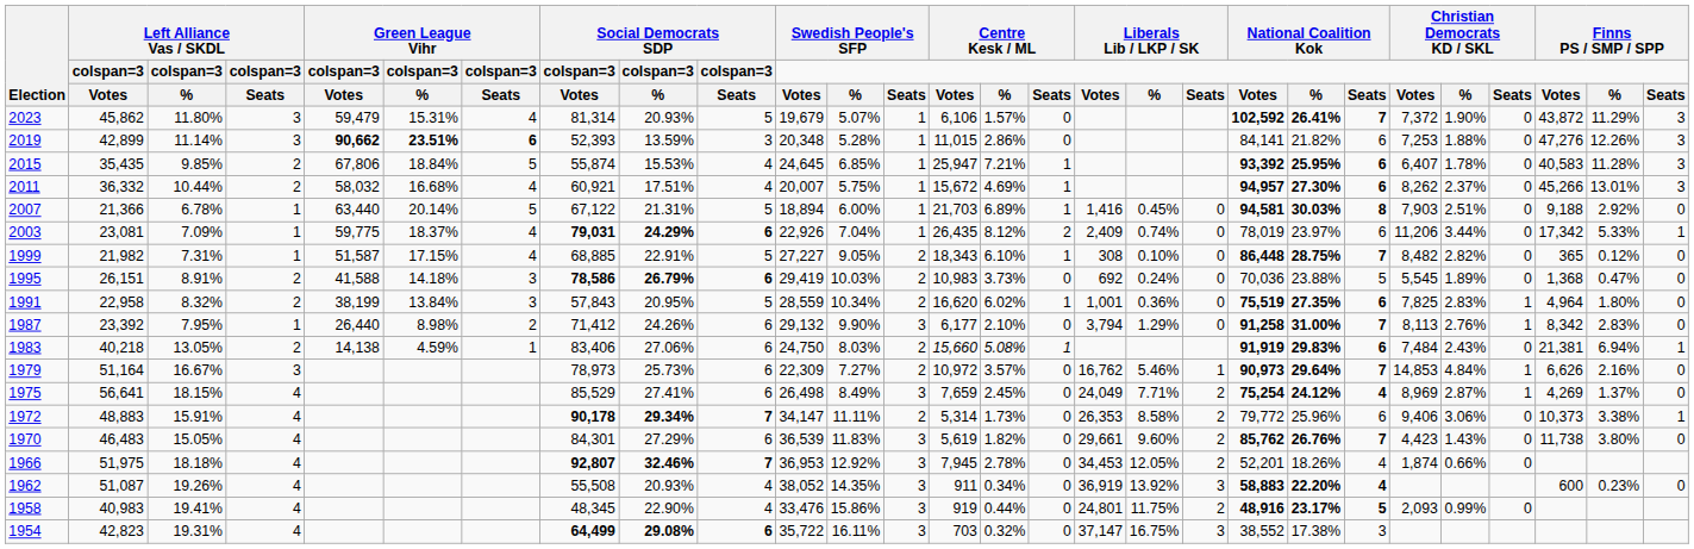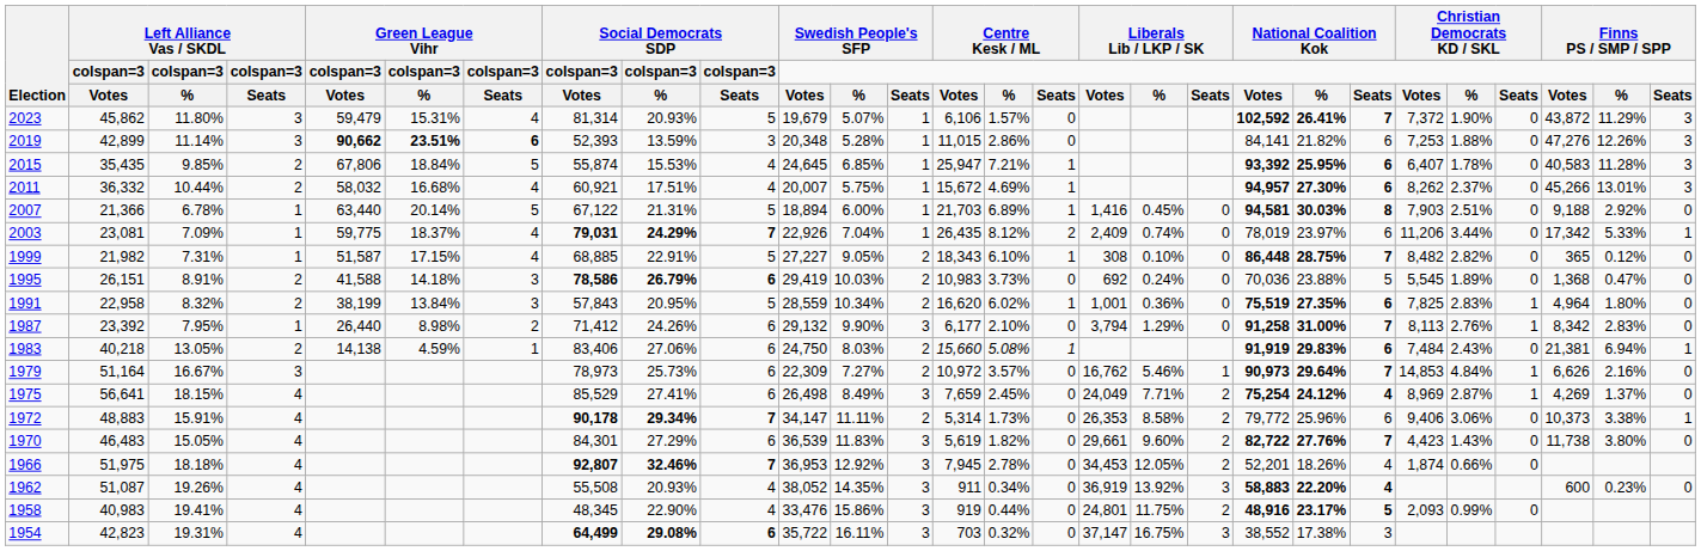 <table class="wikitable" border="1" style="font-size:85%; text-align:right;">
 <tr>
 <th style="text-align:left;" valign=bottom rowspan=3>Election</th>
 <th valign=bottom colspan=3><a href='#'>Left Alliance</a><br>Vas / SKDL</th>
 <th valign=bottom colspan=3><a href='#'>Green League</a><br>Vihr</th>
 <th valign=bottom colspan=3><a href='#'>Social Democrats</a><br>SDP</th>
 <th valign=bottom colspan=3><a href='#'>Swedish People's</a><br>SFP</th>
 <th valign=bottom colspan=3><a href='#'>Centre</a><br>Kesk / ML</th>
 <th valign=bottom colspan=3><a href='#'>Liberals</a><br>Lib / LKP / SK</th>
 <th valign=bottom colspan=3><a href='#'>National Coalition</a><br>Kok</th>
 <th valign=bottom colspan=3><a href='#'>Christian Democrats</a><br>KD / SKL</th>
 <th valign=bottom colspan=3><a href='#'>Finns</a><br>PS / SMP / SPP</th>
 </tr>
 <tr>
 <th>colspan=3 </th>
 <th>colspan=3 </th>
 <th>colspan=3 </th>
 <th>colspan=3 </th>
 <th>colspan=3 </th>
 <th>colspan=3 </th>
 <th>colspan=3 </th>
 <th>colspan=3 </th>
 <th>colspan=3 </th>
 </tr>
 <tr>
 <th>Votes</th>
 <th>%</th>
 <th>Seats</th>
 <th>Votes</th>
 <th>%</th>
 <th>Seats</th>
 <th>Votes</th>
 <th>%</th>
 <th>Seats</th>
 <th>Votes</th>
 <th>%</th>
 <th>Seats</th>
 <th>Votes</th>
 <th>%</th>
 <th>Seats</th>
 <th>Votes</th>
 <th>%</th>
 <th>Seats</th>
 <th>Votes</th>
 <th>%</th>
 <th>Seats</th>
 <th>Votes</th>
 <th>%</th>
 <th>Seats</th>
 <th>Votes</th>
 <th>%</th>
 <th>Seats</th>
 </tr>
 <tr>
 <td align=left><a href='#'>2023</a></td>
 <td>45,862</td>
 <td>11.80%</td>
 <td>3</td>
 <td>59,479</td>
 <td>15.31%</td>
 <td>4</td>
 <td>81,314</td>
 <td>20.93%</td>
 <td>5</td>
 <td>19,679</td>
 <td>5.07%</td>
 <td>1</td>
 <td>6,106</td>
 <td>1.57%</td>
 <td>0</td>
 <td></td>
 <td></td>
 <td></td>
 <td><strong>102,592</strong></td>
 <td><strong>26.41%</strong></td>
 <td><strong>7</strong></td>
 <td>7,372</td>
 <td>1.90%</td>
 <td>0</td>
 <td>43,872</td>
 <td>11.29%</td>
 <td>3</td>
 </tr>
 <tr>
 <td align=left><a href='#'>2019</a></td>
 <td>42,899</td>
 <td>11.14%</td>
 <td>3</td>
 <td><strong>90,662</strong></td>
 <td><strong>23.51%</strong></td>
 <td><strong>6</strong></td>
 <td>52,393</td>
 <td>13.59%</td>
 <td>3</td>
 <td>20,348</td>
 <td>5.28%</td>
 <td>1</td>
 <td>11,015</td>
 <td>2.86%</td>
 <td>0</td>
 <td></td>
 <td></td>
 <td></td>
 <td>84,141</td>
 <td>21.82%</td>
 <td>6</td>
 <td>7,253</td>
 <td>1.88%</td>
 <td>0</td>
 <td>47,276</td>
 <td>12.26%</td>
 <td>3</td>
 </tr>
 <tr>
 <td align=left><a href='#'>2015</a></td>
 <td>35,435</td>
 <td>9.85%</td>
 <td>2</td>
 <td>67,806</td>
 <td>18.84%</td>
 <td>5</td>
 <td>55,874</td>
 <td>15.53%</td>
 <td>4</td>
 <td>24,645</td>
 <td>6.85%</td>
 <td>1</td>
 <td>25,947</td>
 <td>7.21%</td>
 <td>1</td>
 <td></td>
 <td></td>
 <td></td>
 <td><strong>93,392</strong></td>
 <td><strong>25.95%</strong></td>
 <td><strong>6</strong></td>
 <td>6,407</td>
 <td>1.78%</td>
 <td>0</td>
 <td>40,583</td>
 <td>11.28%</td>
 <td>3</td>
 </tr>
 <tr>
 <td align=left><a href='#'>2011</a></td>
 <td>36,332</td>
 <td>10.44%</td>
 <td>2</td>
 <td>58,032</td>
 <td>16.68%</td>
 <td>4</td>
 <td>60,921</td>
 <td>17.51%</td>
 <td>4</td>
 <td>20,007</td>
 <td>5.75%</td>
 <td>1</td>
 <td>15,672</td>
 <td>4.69%</td>
 <td>1</td>
 <td></td>
 <td></td>
 <td></td>
 <td><strong>94,957</strong></td>
 <td><strong>27.30%</strong></td>
 <td><strong>6</strong></td>
 <td>8,262</td>
 <td>2.37%</td>
 <td>0</td>
 <td>45,266</td>
 <td>13.01%</td>
 <td>3</td>
 </tr>
 <tr>
 <td align=left><a href='#'>2007</a></td>
 <td>21,366</td>
 <td>6.78%</td>
 <td>1</td>
 <td>63,440</td>
 <td>20.14%</td>
 <td>5</td>
 <td>67,122</td>
 <td>21.31%</td>
 <td>5</td>
 <td>18,894</td>
 <td>6.00%</td>
 <td>1</td>
 <td>21,703</td>
 <td>6.89%</td>
 <td>1</td>
 <td>1,416</td>
 <td>0.45%</td>
 <td>0</td>
 <td><strong>94,581</strong></td>
 <td><strong>30.03%</strong></td>
 <td><strong>8</strong></td>
 <td>7,903</td>
 <td>2.51%</td>
 <td>0</td>
 <td>9,188</td>
 <td>2.92%</td>
 <td>0</td>
 </tr>
 <tr>
 <td align=left><a href='#'>2003</a></td>
 <td>23,081</td>
 <td>7.09%</td>
 <td>1</td>
 <td>59,775</td>
 <td>18.37%</td>
 <td>4</td>
 <td><strong>79,031</strong></td>
 <td><strong>24.29%</strong></td>
-<td><strong>6</strong></td>
+<td><strong>7</strong></td>
 <td>22,926</td>
 <td>7.04%</td>
 <td>1</td>
 <td>26,435</td>
 <td>8.12%</td>
 <td>2</td>
 <td>2,409</td>
 <td>0.74%</td>
 <td>0</td>
 <td>78,019</td>
 <td>23.97%</td>
 <td>6</td>
 <td>11,206</td>
 <td>3.44%</td>
 <td>0</td>
 <td>17,342</td>
 <td>5.33%</td>
 <td>1</td>
 </tr>
 <tr>
 <td align=left><a href='#'>1999</a></td>
 <td>21,982</td>
 <td>7.31%</td>
 <td>1</td>
 <td>51,587</td>
 <td>17.15%</td>
 <td>4</td>
 <td>68,885</td>
 <td>22.91%</td>
 <td>5</td>
 <td>27,227</td>
 <td>9.05%</td>
 <td>2</td>
 <td>18,343</td>
 <td>6.10%</td>
 <td>1</td>
 <td>308</td>
 <td>0.10%</td>
 <td>0</td>
 <td><strong>86,448</strong></td>
 <td><strong>28.75%</strong></td>
 <td><strong>7</strong></td>
 <td>8,482</td>
 <td>2.82%</td>
 <td>0</td>
 <td>365</td>
 <td>0.12%</td>
 <td>0</td>
 </tr>
 <tr>
 <td align=left><a href='#'>1995</a></td>
 <td>26,151</td>
 <td>8.91%</td>
 <td>2</td>
 <td>41,588</td>
 <td>14.18%</td>
 <td>3</td>
 <td><strong>78,586</strong></td>
 <td><strong>26.79%</strong></td>
 <td><strong>6</strong></td>
 <td>29,419</td>
 <td>10.03%</td>
 <td>2</td>
 <td>10,983</td>
 <td>3.73%</td>
 <td>0</td>
 <td>692</td>
 <td>0.24%</td>
 <td>0</td>
 <td>70,036</td>
 <td>23.88%</td>
 <td>5</td>
 <td>5,545</td>
 <td>1.89%</td>
 <td>0</td>
 <td>1,368</td>
 <td>0.47%</td>
 <td>0</td>
 </tr>
 <tr>
 <td align=left><a href='#'>1991</a></td>
 <td>22,958</td>
 <td>8.32%</td>
 <td>2</td>
 <td>38,199</td>
 <td>13.84%</td>
 <td>3</td>
 <td>57,843</td>
 <td>20.95%</td>
 <td>5</td>
 <td>28,559</td>
 <td>10.34%</td>
 <td>2</td>
 <td>16,620</td>
 <td>6.02%</td>
 <td>1</td>
 <td>1,001</td>
 <td>0.36%</td>
 <td>0</td>
 <td><strong>75,519</strong></td>
 <td><strong>27.35%</strong></td>
 <td><strong>6</strong></td>
 <td>7,825</td>
 <td>2.83%</td>
 <td>1</td>
 <td>4,964</td>
 <td>1.80%</td>
 <td>0</td>
 </tr>
 <tr>
 <td align=left><a href='#'>1987</a></td>
 <td>23,392</td>
 <td>7.95%</td>
 <td>1</td>
 <td>26,440</td>
 <td>8.98%</td>
 <td>2</td>
 <td>71,412</td>
 <td>24.26%</td>
 <td>6</td>
 <td>29,132</td>
 <td>9.90%</td>
 <td>3</td>
 <td>6,177</td>
 <td>2.10%</td>
 <td>0</td>
 <td>3,794</td>
 <td>1.29%</td>
 <td>0</td>
 <td><strong>91,258</strong></td>
 <td><strong>31.00%</strong></td>
 <td><strong>7</strong></td>
 <td>8,113</td>
 <td>2.76%</td>
 <td>1</td>
 <td>8,342</td>
 <td>2.83%</td>
 <td>0</td>
 </tr>
 <tr>
 <td align=left><a href='#'>1983</a></td>
 <td>40,218</td>
 <td>13.05%</td>
 <td>2</td>
 <td>14,138</td>
 <td>4.59%</td>
 <td>1</td>
 <td>83,406</td>
 <td>27.06%</td>
 <td>6</td>
 <td>24,750</td>
 <td>8.03%</td>
 <td>2</td>
 <td><em>15,660</em></td>
 <td><em>5.08%</em></td>
 <td><em>1</em></td>
 <td></td>
 <td></td>
 <td></td>
 <td><strong>91,919</strong></td>
 <td><strong>29.83%</strong></td>
 <td><strong>6</strong></td>
 <td>7,484</td>
 <td>2.43%</td>
 <td>0</td>
 <td>21,381</td>
 <td>6.94%</td>
 <td>1</td>
 </tr>
 <tr>
 <td align=left><a href='#'>1979</a></td>
 <td>51,164</td>
 <td>16.67%</td>
 <td>3</td>
 <td></td>
 <td></td>
 <td></td>
 <td>78,973</td>
 <td>25.73%</td>
 <td>6</td>
 <td>22,309</td>
 <td>7.27%</td>
 <td>2</td>
 <td>10,972</td>
 <td>3.57%</td>
 <td>0</td>
 <td>16,762</td>
 <td>5.46%</td>
 <td>1</td>
 <td><strong>90,973</strong></td>
 <td><strong>29.64%</strong></td>
 <td><strong>7</strong></td>
 <td>14,853</td>
 <td>4.84%</td>
 <td>1</td>
 <td>6,626</td>
 <td>2.16%</td>
 <td>0</td>
 </tr>
 <tr>
 <td align=left><a href='#'>1975</a></td>
 <td>56,641</td>
 <td>18.15%</td>
 <td>4</td>
 <td></td>
 <td></td>
 <td></td>
 <td>85,529</td>
 <td>27.41%</td>
 <td>6</td>
 <td>26,498</td>
 <td>8.49%</td>
 <td>3</td>
 <td>7,659</td>
 <td>2.45%</td>
 <td>0</td>
 <td>24,049</td>
 <td>7.71%</td>
 <td>2</td>
 <td><strong>75,254</strong></td>
 <td><strong>24.12%</strong></td>
 <td><strong>4</strong></td>
 <td>8,969</td>
 <td>2.87%</td>
 <td>1</td>
 <td>4,269</td>
 <td>1.37%</td>
 <td>0</td>
 </tr>
 <tr>
 <td align=left><a href='#'>1972</a></td>
 <td>48,883</td>
 <td>15.91%</td>
 <td>4</td>
 <td></td>
 <td></td>
 <td></td>
 <td><strong>90,178</strong></td>
 <td><strong>29.34%</strong></td>
 <td><strong>7</strong></td>
 <td>34,147</td>
 <td>11.11%</td>
 <td>2</td>
 <td>5,314</td>
 <td>1.73%</td>
 <td>0</td>
 <td>26,353</td>
 <td>8.58%</td>
 <td>2</td>
 <td>79,772</td>
 <td>25.96%</td>
 <td>6</td>
 <td>9,406</td>
 <td>3.06%</td>
 <td>0</td>
 <td>10,373</td>
 <td>3.38%</td>
 <td>1</td>
 </tr>
 <tr>
 <td align=left><a href='#'>1970</a></td>
 <td>46,483</td>
 <td>15.05%</td>
 <td>4</td>
 <td></td>
 <td></td>
 <td></td>
 <td>84,301</td>
 <td>27.29%</td>
 <td>6</td>
 <td>36,539</td>
 <td>11.83%</td>
 <td>3</td>
 <td>5,619</td>
 <td>1.82%</td>
 <td>0</td>
 <td>29,661</td>
 <td>9.60%</td>
 <td>2</td>
-<td><strong>85,762</strong></td>
-<td><strong>26.76%</strong></td>
+<td><strong>82,722</strong></td>
+<td><strong>27.76%</strong></td>
 <td><strong>7</strong></td>
 <td>4,423</td>
 <td>1.43%</td>
 <td>0</td>
 <td>11,738</td>
 <td>3.80%</td>
 <td>0</td>
 </tr>
 <tr>
 <td align=left><a href='#'>1966</a></td>
 <td>51,975</td>
 <td>18.18%</td>
 <td>4</td>
 <td></td>
 <td></td>
 <td></td>
 <td><strong>92,807</strong></td>
 <td><strong>32.46%</strong></td>
 <td><strong>7</strong></td>
 <td>36,953</td>
 <td>12.92%</td>
 <td>3</td>
 <td>7,945</td>
 <td>2.78%</td>
 <td>0</td>
 <td>34,453</td>
 <td>12.05%</td>
 <td>2</td>
 <td>52,201</td>
 <td>18.26%</td>
 <td>4</td>
 <td>1,874</td>
 <td>0.66%</td>
 <td>0</td>
 <td></td>
 <td></td>
 <td></td>
 </tr>
 <tr>
 <td align=left><a href='#'>1962</a></td>
 <td>51,087</td>
 <td>19.26%</td>
 <td>4</td>
 <td></td>
 <td></td>
 <td></td>
 <td>55,508</td>
 <td>20.93%</td>
 <td>4</td>
 <td>38,052</td>
 <td>14.35%</td>
 <td>3</td>
 <td>911</td>
 <td>0.34%</td>
 <td>0</td>
 <td>36,919</td>
 <td>13.92%</td>
 <td>3</td>
 <td><strong>58,883</strong></td>
 <td><strong>22.20%</strong></td>
 <td><strong>4</strong></td>
 <td></td>
 <td></td>
 <td></td>
 <td>600</td>
 <td>0.23%</td>
 <td>0</td>
 </tr>
 <tr>
 <td align=left><a href='#'>1958</a></td>
 <td>40,983</td>
 <td>19.41%</td>
 <td>4</td>
 <td></td>
 <td></td>
 <td></td>
 <td>48,345</td>
 <td>22.90%</td>
 <td>4</td>
 <td>33,476</td>
 <td>15.86%</td>
 <td>3</td>
 <td>919</td>
 <td>0.44%</td>
 <td>0</td>
 <td>24,801</td>
 <td>11.75%</td>
 <td>2</td>
 <td><strong>48,916</strong></td>
 <td><strong>23.17%</strong></td>
 <td><strong>5</strong></td>
 <td>2,093</td>
 <td>0.99%</td>
 <td>0</td>
 <td></td>
 <td></td>
 <td></td>
 </tr>
 <tr>
 <td align=left><a href='#'>1954</a></td>
 <td>42,823</td>
 <td>19.31%</td>
 <td>4</td>
 <td></td>
 <td></td>
 <td></td>
 <td><strong>64,499</strong></td>
 <td><strong>29.08%</strong></td>
 <td><strong>6</strong></td>
 <td>35,722</td>
 <td>16.11%</td>
 <td>3</td>
 <td>703</td>
 <td>0.32%</td>
 <td>0</td>
 <td>37,147</td>
 <td>16.75%</td>
 <td>3</td>
 <td>38,552</td>
 <td>17.38%</td>
 <td>3</td>
 <td></td>
 <td></td>
 <td></td>
 <td></td>
 <td></td>
 <td></td>
 </tr>
 </table>
